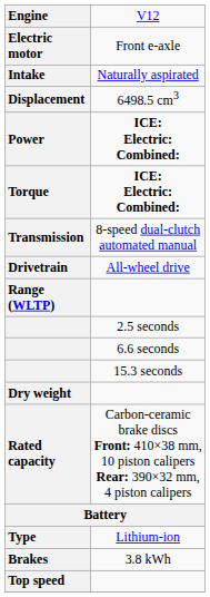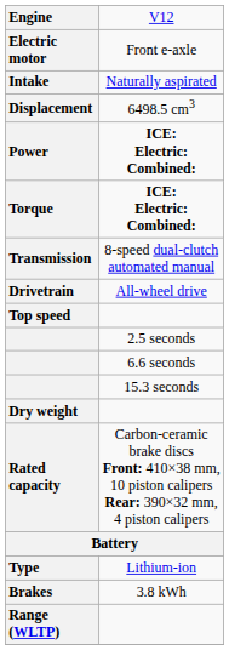 <table class="wikitable" style="font-size:90%; width:35%; text-align:center;">
 <tr>
 <th style="text-align:left;">Engine</th>
 <td><a href='#'>V12</a></td>
 </tr>
 <tr>
 <th style="text-align:left;">Electric motor</th>
 <td>Front e-axle</td>
 </tr>
 <tr>
 <th style="text-align:left;">Intake</th>
 <td><a href='#'>Naturally aspirated</a></td>
 </tr>
 <tr>
 <th style="text-align:left;">Displacement</th>
 <td>6498.5 cm<sup>3</sup></td>
 </tr>
 <tr>
 <th style="text-align:left;">Power</th>
 <td><strong>ICE:</strong> <br><strong>Electric:</strong> <br><strong>Combined:</strong> </td>
 </tr>
 <tr>
 <th style="text-align:left;">Torque</th>
 <td><strong>ICE:</strong> <br><strong>Electric:</strong> <br><strong>Combined:</strong> </td>
 </tr>
 <tr>
 <th style="text-align:left;">Transmission</th>
 <td>8-speed <a href='#'>dual-clutch</a> <a href='#'>automated manual</a></td>
 </tr>
 <tr>
 <th style="text-align:left;">Drivetrain</th>
 <td><a href='#'>All-wheel drive</a></td>
 </tr>
 <tr>
-<th style="text-align:left;">Range (<a href='#'>WLTP</a>)</th>
+<th style="text-align:left;">Top speed</th>
 <td></td>
 </tr>
 <tr>
 <th style="text-align:left;"></th>
 <td>2.5 seconds</td>
 </tr>
 <tr>
 <th style="text-align:left;"></th>
 <td>6.6 seconds</td>
 </tr>
 <tr>
 <th style="text-align:left;"></th>
 <td>15.3 seconds</td>
 </tr>
 <tr>
 <th style="text-align:left;">Dry weight</th>
 <td></td>
 </tr>
 <tr>
 <th style="text-align:left;">Rated capacity</th>
 <td>Carbon-ceramic brake discs<br><strong>Front:</strong> 410×38 mm, 10 piston calipers<br><strong>Rear:</strong> 390×32 mm, 4 piston calipers</td>
 </tr>
 <tr>
 <th colspan="2">Battery</th>
 </tr>
 <tr>
 <th style="text-align:left;">Type</th>
 <td><a href='#'>Lithium-ion</a></td>
 </tr>
 <tr>
 <th style="text-align:left;">Brakes</th>
 <td>3.8 kWh</td>
 </tr>
 <tr>
-<th style="text-align:left;">Top speed</th>
+<th style="text-align:left;">Range (<a href='#'>WLTP</a>)</th>
 <td></td>
 </tr>
 <tr>
 </tr>
 </table>
